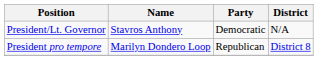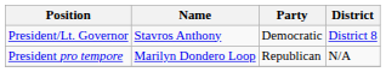 <table class=wikitable>
 <tr>
 <th>Position</th>
 <th>Name</th>
 <th>Party</th>
 <th>District</th>
 </tr>
 <tr>
 <td><a href='#'>President/Lt. Governor</a></td>
 <td><a href='#'>Stavros Anthony</a></td>
 <td>Democratic</td>
-<td>N/A</td>
+<td><a href='#'>District 8</a></td>
 </tr>
 <tr>
 <td><a href='#'>President <em>pro tempore</em></a></td>
 <td><a href='#'>Marilyn Dondero Loop</a></td>
 <td>Republican</td>
-<td><a href='#'>District 8</a></td>
+<td>N/A</td>
 </tr>
 <tr>
 </tr>
 </table>
